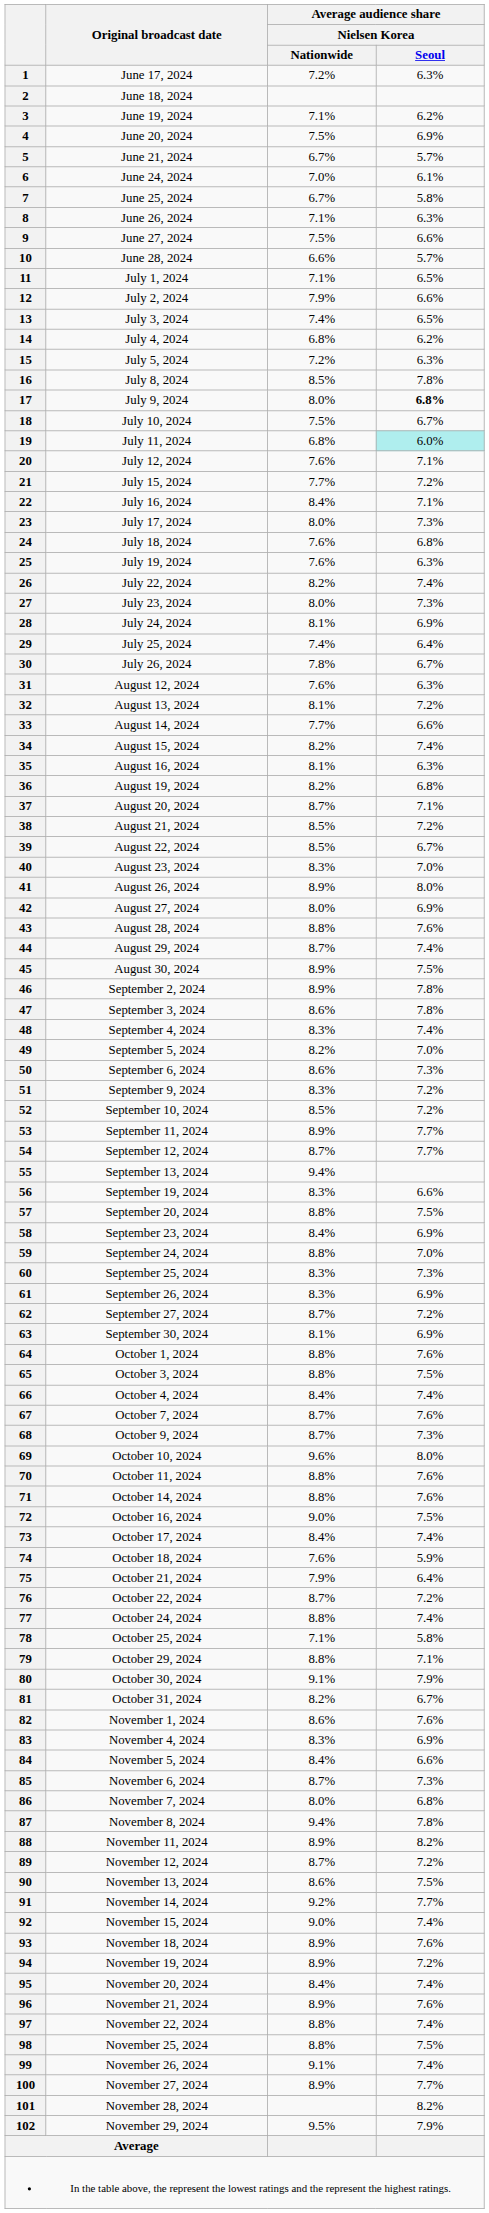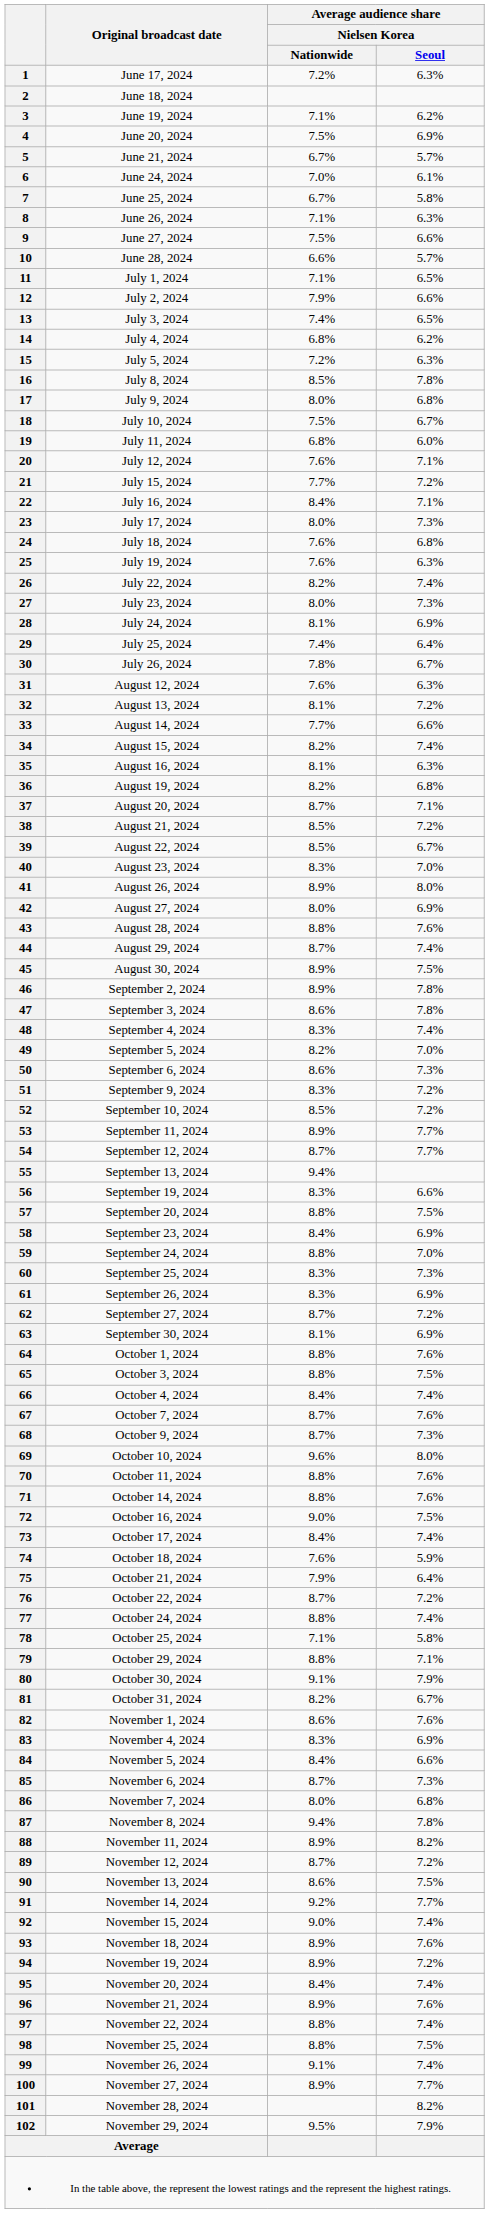 <table class="wikitable" style="margin-left:auto; margin-right:auto; width:600px; text-align:center">
 <tr>
 <th scope="col" rowspan="3"></th>
 <th scope="col" rowspan="3">Original broadcast date</th>
 <th scope="col" colspan="2">Average audience share</th>
 </tr>
 <tr>
 <th colspan="2" scope="col">Nielsen Korea</th>
 </tr>
 <tr>
 <th scope="col" style="width:8em">Nationwide</th>
 <th scope="col" style="width:8em"><a href='#'>Seoul</a></th>
 </tr>
 <tr>
 <th scope="col">1</th>
 <td>June 17, 2024</td>
 <td>7.2% </td>
 <td>6.3% </td>
 </tr>
 <tr>
 <th scope="col">2</th>
 <td>June 18, 2024</td>
 <td><strong></strong> </td>
 <td><strong></strong> </td>
 </tr>
 <tr>
 <th scope="col">3</th>
 <td>June 19, 2024</td>
 <td>7.1% </td>
 <td>6.2% </td>
 </tr>
 <tr>
 <th scope="col">4</th>
 <td>June 20, 2024</td>
 <td>7.5% </td>
 <td>6.9% </td>
 </tr>
 <tr>
 <th scope="col">5</th>
 <td>June 21, 2024</td>
 <td>6.7% </td>
 <td>5.7% </td>
 </tr>
 <tr>
 <th scope="col">6</th>
 <td>June 24, 2024</td>
 <td>7.0% </td>
 <td>6.1% </td>
 </tr>
 <tr>
 <th scope="col">7</th>
 <td>June 25, 2024</td>
 <td>6.7% </td>
 <td>5.8% </td>
 </tr>
 <tr>
 <th scope="col">8</th>
 <td>June 26, 2024</td>
 <td>7.1% </td>
 <td>6.3% </td>
 </tr>
 <tr>
 <th scope="col">9</th>
 <td>June 27, 2024</td>
 <td>7.5% </td>
 <td>6.6% </td>
 </tr>
 <tr>
 <th scope="col">10</th>
 <td>June 28, 2024</td>
 <td>6.6% </td>
 <td>5.7% </td>
 </tr>
 <tr>
 <th scope="col">11</th>
 <td>July 1, 2024</td>
 <td>7.1% </td>
 <td>6.5% </td>
 </tr>
 <tr>
 <th scope="col">12</th>
 <td>July 2, 2024</td>
 <td>7.9% </td>
 <td>6.6% </td>
 </tr>
 <tr>
 <th scope="col">13</th>
 <td>July 3, 2024</td>
 <td>7.4% </td>
 <td>6.5% </td>
 </tr>
 <tr>
 <th scope="col">14</th>
 <td>July 4, 2024</td>
 <td>6.8% </td>
 <td>6.2% </td>
 </tr>
 <tr>
 <th scope="col">15</th>
 <td>July 5, 2024</td>
 <td>7.2% </td>
 <td>6.3% </td>
 </tr>
 <tr>
 <th scope="col">16</th>
 <td>July 8, 2024</td>
 <td>8.5% </td>
 <td>7.8% </td>
 </tr>
 <tr>
 <th scope="col">17</th>
 <td>July 9, 2024</td>
 <td>8.0% </td>
-<td><strong>6.8% </strong></td>
+<td>6.8% </td>
 </tr>
 <tr>
 <th scope="col">18</th>
 <td>July 10, 2024</td>
 <td>7.5% </td>
 <td>6.7% </td>
 </tr>
 <tr>
 <th scope="col">19</th>
 <td>July 11, 2024</td>
 <td>6.8% </td>
-<td style="background: paleturquoise;">6.0% </td>
+<td>6.0% </td>
 </tr>
 <tr>
 <th scope="col">20</th>
 <td>July 12, 2024</td>
 <td>7.6% </td>
 <td>7.1% </td>
 </tr>
 <tr>
 <th scope="col">21</th>
 <td>July 15, 2024</td>
 <td>7.7% </td>
 <td>7.2% </td>
 </tr>
 <tr>
 <th scope="col">22</th>
 <td>July 16, 2024</td>
 <td>8.4% </td>
 <td>7.1% </td>
 </tr>
 <tr>
 <th scope="col">23</th>
 <td>July 17, 2024</td>
 <td>8.0% </td>
 <td>7.3% </td>
 </tr>
 <tr>
 <th scope="col">24</th>
 <td>July 18, 2024</td>
 <td>7.6% </td>
 <td>6.8% </td>
 </tr>
 <tr>
 <th scope="col">25</th>
 <td>July 19, 2024</td>
 <td>7.6% </td>
 <td>6.3% </td>
 </tr>
 <tr>
 <th scope="col">26</th>
 <td>July 22, 2024</td>
 <td>8.2% </td>
 <td>7.4% </td>
 </tr>
 <tr>
 <th scope="col">27</th>
 <td>July 23, 2024</td>
 <td>8.0% </td>
 <td>7.3% </td>
 </tr>
 <tr>
 <th scope="col">28</th>
 <td>July 24, 2024</td>
 <td>8.1% </td>
 <td>6.9% </td>
 </tr>
 <tr>
 <th scope="col">29</th>
 <td>July 25, 2024</td>
 <td>7.4% </td>
 <td>6.4% </td>
 </tr>
 <tr>
 <th scope="col">30</th>
 <td>July 26, 2024</td>
 <td>7.8% </td>
 <td>6.7% </td>
 </tr>
 <tr>
 <th scope="col">31</th>
 <td>August 12, 2024</td>
 <td>7.6% </td>
 <td>6.3% </td>
 </tr>
 <tr>
 <th scope="col">32</th>
 <td>August 13, 2024</td>
 <td>8.1% </td>
 <td>7.2% </td>
 </tr>
 <tr>
 <th scope="col">33</th>
 <td>August 14, 2024</td>
 <td>7.7% </td>
 <td>6.6% </td>
 </tr>
 <tr>
 <th scope="col">34</th>
 <td>August 15, 2024</td>
 <td>8.2% </td>
 <td>7.4% </td>
 </tr>
 <tr>
 <th scope="col">35</th>
 <td>August 16, 2024</td>
 <td>8.1% </td>
 <td>6.3% </td>
 </tr>
 <tr>
 <th scope="col">36</th>
 <td>August 19, 2024</td>
 <td>8.2% </td>
 <td>6.8% </td>
 </tr>
 <tr>
 <th scope="col">37</th>
 <td>August 20, 2024</td>
 <td>8.7% </td>
 <td>7.1% </td>
 </tr>
 <tr>
 <th scope="col">38</th>
 <td>August 21, 2024</td>
 <td>8.5% </td>
 <td>7.2% </td>
 </tr>
 <tr>
 <th scope="col">39</th>
 <td>August 22, 2024</td>
 <td>8.5% </td>
 <td>6.7% </td>
 </tr>
 <tr>
 <th scope="col">40</th>
 <td>August 23, 2024</td>
 <td>8.3% </td>
 <td>7.0% </td>
 </tr>
 <tr>
 <th scope="col">41</th>
 <td>August 26, 2024</td>
 <td>8.9% </td>
 <td>8.0% </td>
 </tr>
 <tr>
 <th scope="col">42</th>
 <td>August 27, 2024</td>
 <td>8.0% </td>
 <td>6.9% </td>
 </tr>
 <tr>
 <th scope="col">43</th>
 <td>August 28, 2024</td>
 <td>8.8% </td>
 <td>7.6% </td>
 </tr>
 <tr>
 <th scope="col">44</th>
 <td>August 29, 2024</td>
 <td>8.7% </td>
 <td>7.4% </td>
 </tr>
 <tr>
 <th scope="col">45</th>
 <td>August 30, 2024</td>
 <td>8.9% </td>
 <td>7.5% </td>
 </tr>
 <tr>
 <th scope="col">46</th>
 <td>September 2, 2024</td>
 <td>8.9% </td>
 <td>7.8% </td>
 </tr>
 <tr>
 <th scope="col">47</th>
 <td>September 3, 2024</td>
 <td>8.6% </td>
 <td>7.8% </td>
 </tr>
 <tr>
 <th scope="col">48</th>
 <td>September 4, 2024</td>
 <td>8.3% </td>
 <td>7.4% </td>
 </tr>
 <tr>
 <th scope="col">49</th>
 <td>September 5, 2024</td>
 <td>8.2% </td>
 <td>7.0% </td>
 </tr>
 <tr>
 <th scope="col">50</th>
 <td>September 6, 2024</td>
 <td>8.6% </td>
 <td>7.3% </td>
 </tr>
 <tr>
 <th scope="col">51</th>
 <td>September 9, 2024</td>
 <td>8.3% </td>
 <td>7.2% </td>
 </tr>
 <tr>
 <th scope="col">52</th>
 <td>September 10, 2024</td>
 <td>8.5% </td>
 <td>7.2% </td>
 </tr>
 <tr>
 <th scope="col">53</th>
 <td>September 11, 2024</td>
 <td>8.9% </td>
 <td>7.7% </td>
 </tr>
 <tr>
 <th scope="col">54</th>
 <td>September 12, 2024</td>
 <td>8.7% </td>
 <td>7.7% </td>
 </tr>
 <tr>
 <th scope="col">55</th>
 <td>September 13, 2024</td>
 <td>9.4% </td>
 <td><strong></strong> </td>
 </tr>
 <tr>
 <th scope="col">56</th>
 <td>September 19, 2024</td>
 <td>8.3% </td>
 <td>6.6% </td>
 </tr>
 <tr>
 <th scope="col">57</th>
 <td>September 20, 2024</td>
 <td>8.8% </td>
 <td>7.5% </td>
 </tr>
 <tr>
 <th scope="col">58</th>
 <td>September 23, 2024</td>
 <td>8.4% </td>
 <td>6.9% </td>
 </tr>
 <tr>
 <th scope="col">59</th>
 <td>September 24, 2024</td>
 <td>8.8% </td>
 <td>7.0% </td>
 </tr>
 <tr>
 <th scope="col">60</th>
 <td>September 25, 2024</td>
 <td>8.3% </td>
 <td>7.3% </td>
 </tr>
 <tr>
 <th scope="col">61</th>
 <td>September 26, 2024</td>
 <td>8.3% </td>
 <td>6.9% </td>
 </tr>
 <tr>
 <th scope="col">62</th>
 <td>September 27, 2024</td>
 <td>8.7% </td>
 <td>7.2% </td>
 </tr>
 <tr>
 <th scope="col">63</th>
 <td>September 30, 2024</td>
 <td>8.1% </td>
 <td>6.9% </td>
 </tr>
 <tr>
 <th scope="col">64</th>
 <td>October 1, 2024</td>
 <td>8.8% </td>
 <td>7.6% </td>
 </tr>
 <tr>
 <th scope="col">65</th>
 <td>October 3, 2024</td>
 <td>8.8% </td>
 <td>7.5% </td>
 </tr>
 <tr>
 <th scope="col">66</th>
 <td>October 4, 2024</td>
 <td>8.4% </td>
 <td>7.4% </td>
 </tr>
 <tr>
 <th scope="col">67</th>
 <td>October 7, 2024</td>
 <td>8.7% </td>
 <td>7.6% </td>
 </tr>
 <tr>
 <th scope="col">68</th>
 <td>October 9, 2024</td>
 <td>8.7% </td>
 <td>7.3% </td>
 </tr>
 <tr>
 <th scope="col">69</th>
 <td>October 10, 2024</td>
 <td>9.6% </td>
 <td>8.0% </td>
 </tr>
 <tr>
 <th scope="col">70</th>
 <td>October 11, 2024</td>
 <td>8.8% </td>
 <td>7.6% </td>
 </tr>
 <tr>
 <th scope="col">71</th>
 <td>October 14, 2024</td>
 <td>8.8% </td>
 <td>7.6% </td>
 </tr>
 <tr>
 <th scope="col">72</th>
 <td>October 16, 2024</td>
 <td>9.0% </td>
 <td>7.5% </td>
 </tr>
 <tr>
 <th scope="col">73</th>
 <td>October 17, 2024</td>
 <td>8.4% </td>
 <td>7.4% </td>
 </tr>
 <tr>
 <th scope="col">74</th>
 <td>October 18, 2024</td>
 <td>7.6% </td>
 <td>5.9% </td>
 </tr>
 <tr>
 <th scope="col">75</th>
 <td>October 21, 2024</td>
 <td>7.9% </td>
 <td>6.4% </td>
 </tr>
 <tr>
 <th scope="col">76</th>
 <td>October 22, 2024</td>
 <td>8.7% </td>
 <td>7.2% </td>
 </tr>
 <tr>
 <th scope="col">77</th>
 <td>October 24, 2024</td>
 <td>8.8% </td>
 <td>7.4% </td>
 </tr>
 <tr>
 <th scope="col">78</th>
 <td>October 25, 2024</td>
 <td>7.1% </td>
 <td>5.8% </td>
 </tr>
 <tr>
 <th scope="col">79</th>
 <td>October 29, 2024</td>
 <td>8.8% </td>
 <td>7.1% </td>
 </tr>
 <tr>
 <th scope="col">80</th>
 <td>October 30, 2024</td>
 <td>9.1% </td>
 <td>7.9% </td>
 </tr>
 <tr>
 <th scope="col">81</th>
 <td>October 31, 2024</td>
 <td>8.2% </td>
 <td>6.7% </td>
 </tr>
 <tr>
 <th scope="col">82</th>
 <td>November 1, 2024</td>
 <td>8.6% </td>
 <td>7.6% </td>
 </tr>
 <tr>
 <th scope="col">83</th>
 <td>November 4, 2024</td>
 <td>8.3% </td>
 <td>6.9% </td>
 </tr>
 <tr>
 <th scope="col">84</th>
 <td>November 5, 2024</td>
 <td>8.4% </td>
 <td>6.6% </td>
 </tr>
 <tr>
 <th scope="col">85</th>
 <td>November 6, 2024</td>
 <td>8.7% </td>
 <td>7.3% </td>
 </tr>
 <tr>
 <th scope="col">86</th>
 <td>November 7, 2024</td>
 <td>8.0% </td>
 <td>6.8% </td>
 </tr>
 <tr>
 <th scope="col">87</th>
 <td>November 8, 2024</td>
 <td>9.4% </td>
 <td>7.8% </td>
 </tr>
 <tr>
 <th scope="col">88</th>
 <td>November 11, 2024</td>
 <td>8.9% </td>
 <td>8.2% </td>
 </tr>
 <tr>
 <th scope="col">89</th>
 <td>November 12, 2024</td>
 <td>8.7% </td>
 <td>7.2% </td>
 </tr>
 <tr>
 <th scope="col">90</th>
 <td>November 13, 2024</td>
 <td>8.6% </td>
 <td>7.5% </td>
 </tr>
 <tr>
 <th scope="col">91</th>
 <td>November 14, 2024</td>
 <td>9.2% </td>
 <td>7.7% </td>
 </tr>
 <tr>
 <th scope="col">92</th>
 <td>November 15, 2024</td>
 <td>9.0% </td>
 <td>7.4% </td>
 </tr>
 <tr>
 <th scope="col">93</th>
 <td>November 18, 2024</td>
 <td>8.9% </td>
 <td>7.6% </td>
 </tr>
 <tr>
 <th scope="col">94</th>
 <td>November 19, 2024</td>
 <td>8.9% </td>
 <td>7.2% </td>
 </tr>
 <tr>
 <th scope="col">95</th>
 <td>November 20, 2024</td>
 <td>8.4% </td>
 <td>7.4% </td>
 </tr>
 <tr>
 <th scope="col">96</th>
 <td>November 21, 2024</td>
 <td>8.9% </td>
 <td>7.6% </td>
 </tr>
 <tr>
 <th scope="col">97</th>
 <td>November 22, 2024</td>
 <td>8.8% </td>
 <td>7.4% </td>
 </tr>
 <tr>
 <th scope="col">98</th>
 <td>November 25, 2024</td>
 <td>8.8% </td>
 <td>7.5% </td>
 </tr>
 <tr>
 <th scope="col">99</th>
 <td>November 26, 2024</td>
 <td>9.1% </td>
 <td>7.4% </td>
 </tr>
 <tr>
 <th scope="col">100</th>
 <td>November 27, 2024</td>
 <td>8.9% </td>
 <td>7.7% </td>
 </tr>
 <tr>
 <th scope="col">101</th>
 <td>November 28, 2024</td>
 <td><strong></strong> </td>
 <td>8.2% </td>
 </tr>
 <tr>
 <th scope="col">102</th>
 <td>November 29, 2024</td>
 <td>9.5% </td>
 <td>7.9% </td>
 </tr>
 <tr>
 <th colspan="2" scope="col">Average</th>
 <th scope="col"></th>
 <th scope="col"></th>
 </tr>
 <tr>
 <td colspan="4" style="font-size:85%"><br><ul><li>In the table above, the <strong></strong> represent the lowest ratings and the <strong></strong> represent the highest ratings.</li></ul></td>
 </tr>
 </table>
